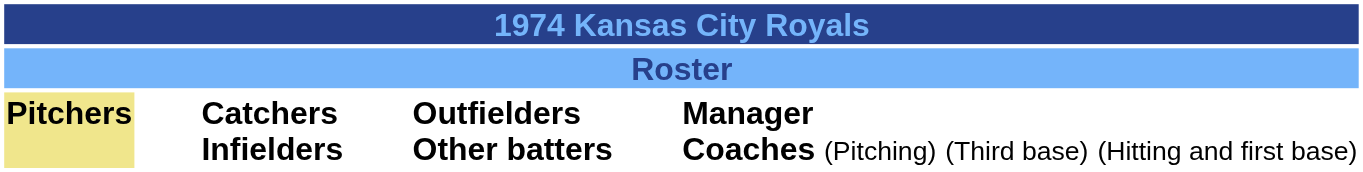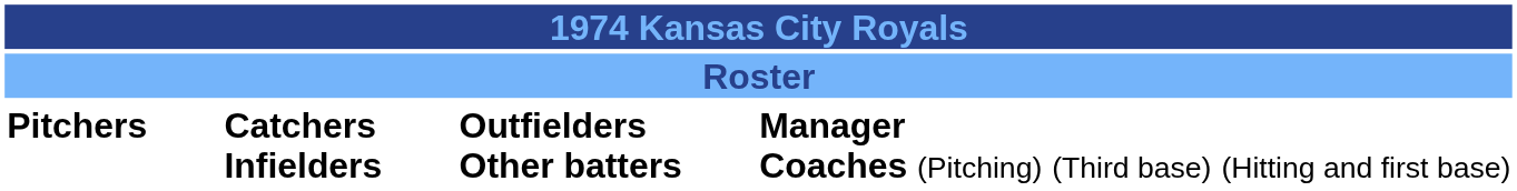 <table class="toccolours" style="font-size: 95%;">
 <tr>
 <th colspan="10" style="background-color: #27408B; color: #74B4FA; text-align: center;">1974 Kansas City Royals</th>
 </tr>
 <tr>
 <td colspan="10" style="background-color: #74B4FA; color: #27408B; text-align: center;"><strong>Roster</strong></td>
 </tr>
 <tr>
-<td valign="top" style="background: khaki;"><strong>Pitchers</strong><br>            </td>
+<td valign="top"><strong>Pitchers</strong><br>            </td>
 <td width="25px"></td>
 <td valign="top"><strong>Catchers</strong><br>   <strong>Infielders</strong>          </td>
 <td width="25px"></td>
 <td valign="top"><strong>Outfielders</strong><br>      <strong>Other batters</strong>  </td>
 <td width="25px"></td>
 <td valign="top"><strong>Manager</strong><br> <strong>Coaches</strong>  <small>(Pitching)</small>  <small>(Third base)</small>  <small>(Hitting and first base)</small></td>
 </tr>
 <tr>
 </tr>
 </table>
